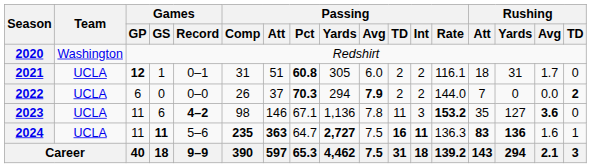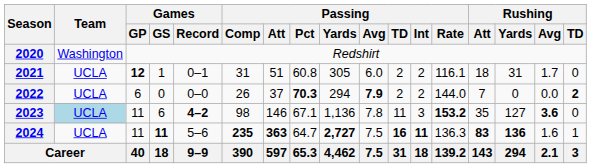 <table class="wikitable" style="text-align:center;">
 <tr>
 <th rowspan="2">Season</th>
 <th rowspan='2'>Team</th>
 <th colspan="3">Games</th>
 <th colspan="8">Passing</th>
 <th colspan="5">Rushing</th>
 </tr>
 <tr>
 <th>GP</th>
 <th>GS</th>
 <th>Record</th>
 <th>Comp</th>
 <th>Att</th>
 <th>Pct</th>
 <th>Yards</th>
 <th>Avg</th>
 <th>TD</th>
 <th>Int</th>
 <th>Rate</th>
 <th>Att</th>
 <th>Yards</th>
 <th>Avg</th>
 <th>TD</th>
 </tr>
 <tr>
 <th><a href='#'>2020</a></th>
 <td><a href='#'>Washington</a></td>
 <td colspan="15"><em>Redshirt </em></td>
 </tr>
 <tr>
 <th><a href='#'>2021</a></th>
 <td><a href='#'>UCLA</a></td>
 <td><strong>12</strong></td>
 <td>1</td>
 <td>0–1</td>
 <td>31</td>
 <td>51</td>
-<td><strong>60.8</strong></td>
+<td>60.8</td>
 <td>305</td>
 <td>6.0</td>
 <td>2</td>
 <td>2</td>
 <td>116.1</td>
 <td>18</td>
 <td>31</td>
 <td>1.7</td>
 <td>0</td>
 </tr>
 <tr>
 <th><a href='#'>2022</a></th>
 <td><a href='#'>UCLA</a></td>
 <td>6</td>
 <td>0</td>
 <td>0–0</td>
 <td>26</td>
 <td>37</td>
 <td><strong>70.3</strong></td>
 <td>294</td>
 <td><strong>7.9</strong></td>
 <td>2</td>
 <td>2</td>
 <td>144.0</td>
 <td>7</td>
 <td>0</td>
 <td>0.0</td>
 <td><strong>2</strong></td>
 </tr>
 <tr>
 <th><a href='#'>2023</a></th>
-<td><a href='#'>UCLA</a></td>
+<td style="background: lightblue;"><a href='#'>UCLA</a></td>
 <td>11</td>
 <td>6</td>
 <td><strong>4–2</strong></td>
 <td>98</td>
 <td>146</td>
 <td>67.1</td>
 <td>1,136</td>
 <td>7.8</td>
 <td>11</td>
 <td>3</td>
 <td><strong>153.2</strong></td>
 <td>35</td>
 <td>127</td>
 <td><strong>3.6</strong></td>
 <td>0</td>
 </tr>
 <tr>
 <th><a href='#'>2024</a></th>
 <td><a href='#'>UCLA</a></td>
 <td>11</td>
 <td><strong>11</strong></td>
 <td>5–6</td>
 <td><strong>235</strong></td>
 <td><strong>363</strong></td>
 <td>64.7</td>
 <td><strong>2,727</strong></td>
 <td>7.5</td>
 <td><strong>16</strong></td>
 <td><strong>11</strong></td>
 <td>136.3</td>
 <td><strong>83</strong></td>
 <td><strong>136</strong></td>
 <td>1.6</td>
 <td>1</td>
 </tr>
 <tr>
 <th colspan=2>Career</th>
 <th>40</th>
 <th>18</th>
 <th>9–9</th>
 <th>390</th>
 <th>597</th>
 <th>65.3</th>
 <th>4,462</th>
 <th>7.5</th>
 <th>31</th>
 <th>18</th>
 <th>139.2</th>
 <th>143</th>
 <th>294</th>
 <th>2.1</th>
 <th>3</th>
 </tr>
 </table>
